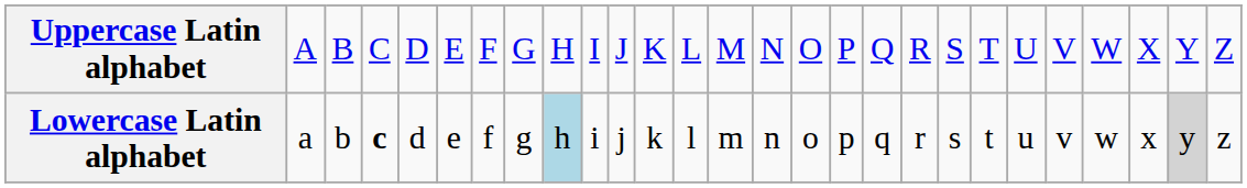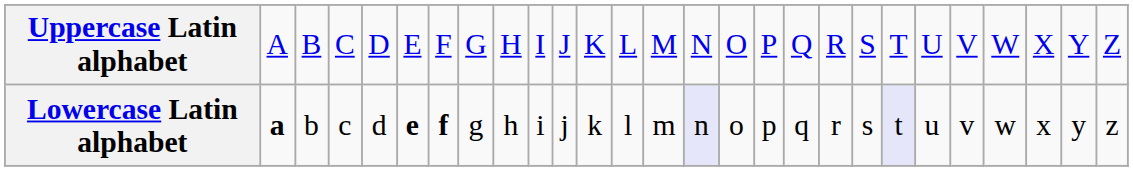 <table class="wikitable" style="text-align:center; table-layout:fixed">
 <tr>
 <th><a href='#'>Uppercase</a> Latin alphabet</th>
 <td><a href='#'>A</a></td>
 <td><a href='#'>B</a></td>
 <td><a href='#'>C</a></td>
 <td><a href='#'>D</a></td>
 <td><a href='#'>E</a></td>
 <td><a href='#'>F</a></td>
 <td><a href='#'>G</a></td>
 <td><a href='#'>H</a></td>
 <td><a href='#'>I</a></td>
 <td><a href='#'>J</a></td>
 <td><a href='#'>K</a></td>
 <td><a href='#'>L</a></td>
 <td><a href='#'>M</a></td>
 <td><a href='#'>N</a></td>
 <td><a href='#'>O</a></td>
 <td><a href='#'>P</a></td>
 <td><a href='#'>Q</a></td>
 <td><a href='#'>R</a></td>
 <td><a href='#'>S</a></td>
 <td><a href='#'>T</a></td>
 <td><a href='#'>U</a></td>
 <td><a href='#'>V</a></td>
 <td><a href='#'>W</a></td>
 <td><a href='#'>X</a></td>
 <td><a href='#'>Y</a></td>
 <td><a href='#'>Z</a></td>
 </tr>
 <tr>
 <th><a href='#'>Lowercase</a> Latin alphabet</th>
-<td>a</td>
+<td><strong>a</strong></td>
 <td>b</td>
-<td><strong>c</strong></td>
+<td>c</td>
 <td>d</td>
-<td>e</td>
-<td>f</td>
+<td><strong>e</strong></td>
+<td><strong>f</strong></td>
 <td>g</td>
-<td style="background: lightblue;">h</td>
+<td>h</td>
 <td>i</td>
 <td>j</td>
 <td>k</td>
 <td>l</td>
 <td>m</td>
-<td>n</td>
+<td style="background: lavender;">n</td>
 <td>o</td>
 <td>p</td>
 <td>q</td>
 <td>r</td>
 <td>s</td>
-<td>t</td>
+<td style="background: lavender;">t</td>
 <td>u</td>
 <td>v</td>
 <td>w</td>
 <td>x</td>
-<td style="background: lightgrey;">y</td>
+<td>y</td>
 <td>z</td>
 </tr>
 </table>
